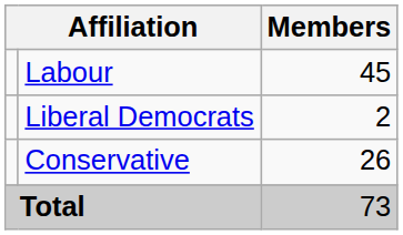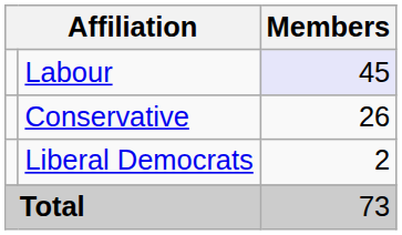 <table class="wikitable">
 <tr>
 <th colspan="2">Affiliation</th>
 <th>Members</th>
 </tr>
 <tr>
 <td></td>
 <td><a href='#'>Labour</a></td>
-<td style="text-align:right;">45</td>
+<td style="background: lavender; text-align:right;">45</td>
+</tr>
+<tr>
+<td></td>
+<td><a href='#'>Conservative</a></td>
+<td style="text-align:right;">26</td>
 </tr>
 <tr>
 <td></td>
 <td><a href='#'>Liberal Democrats</a></td>
 <td style="text-align:right;">2</td>
 </tr>
-<tr>
-<td></td>
-<td><a href='#'>Conservative</a></td>
-<td style="text-align:right;">26</td>
-</tr>
 <tr style="background:#ccc;">
 <td colspan="2"> <strong>Total</strong></td>
 <td style="text-align:right;">73</td>
 </tr>
 </table>
